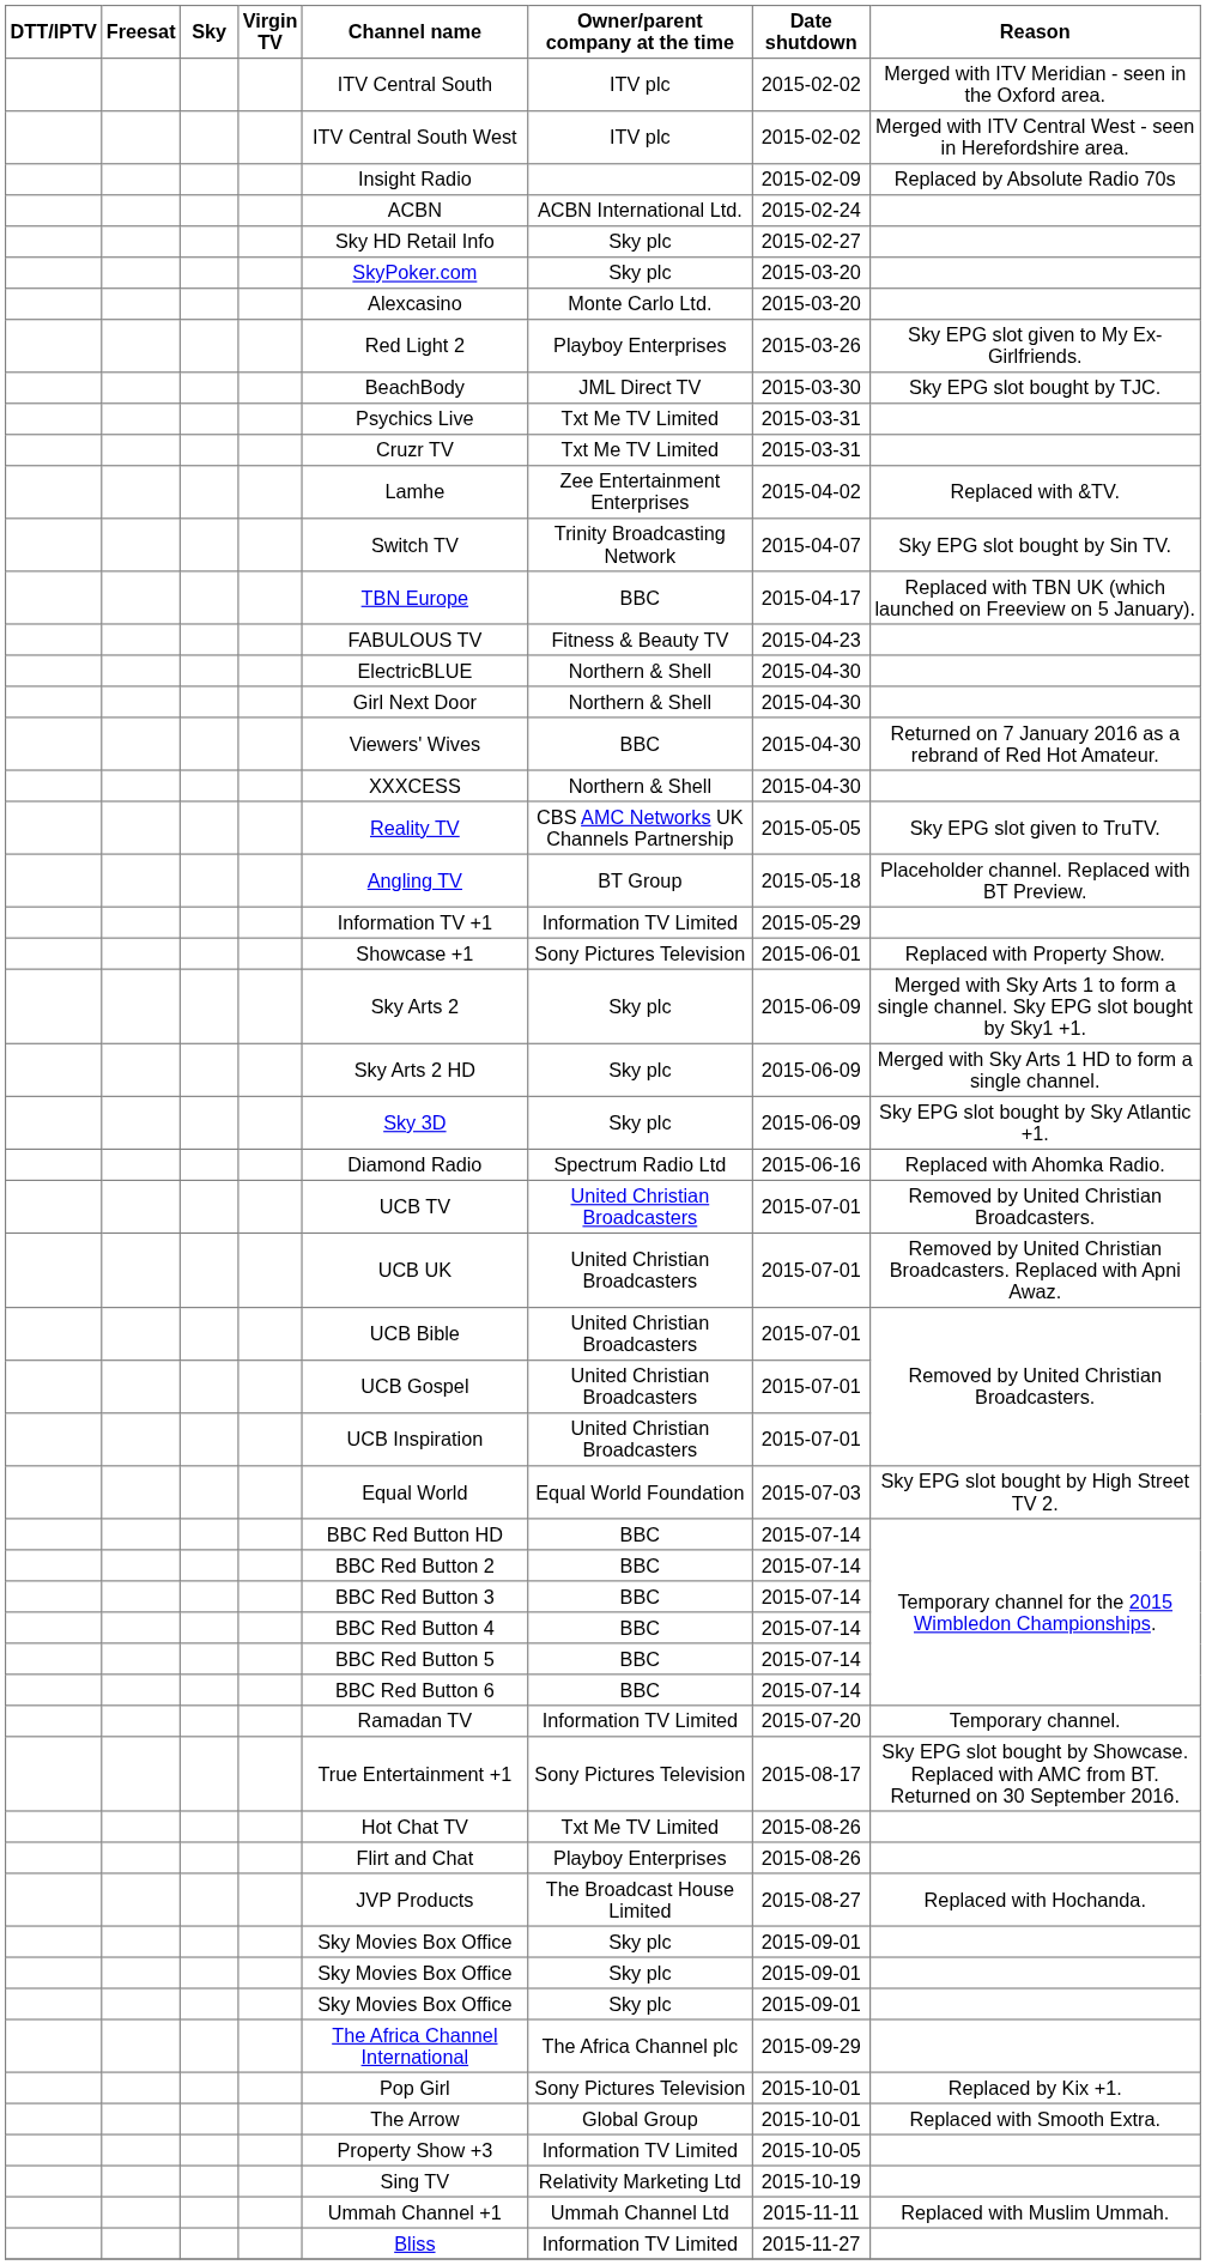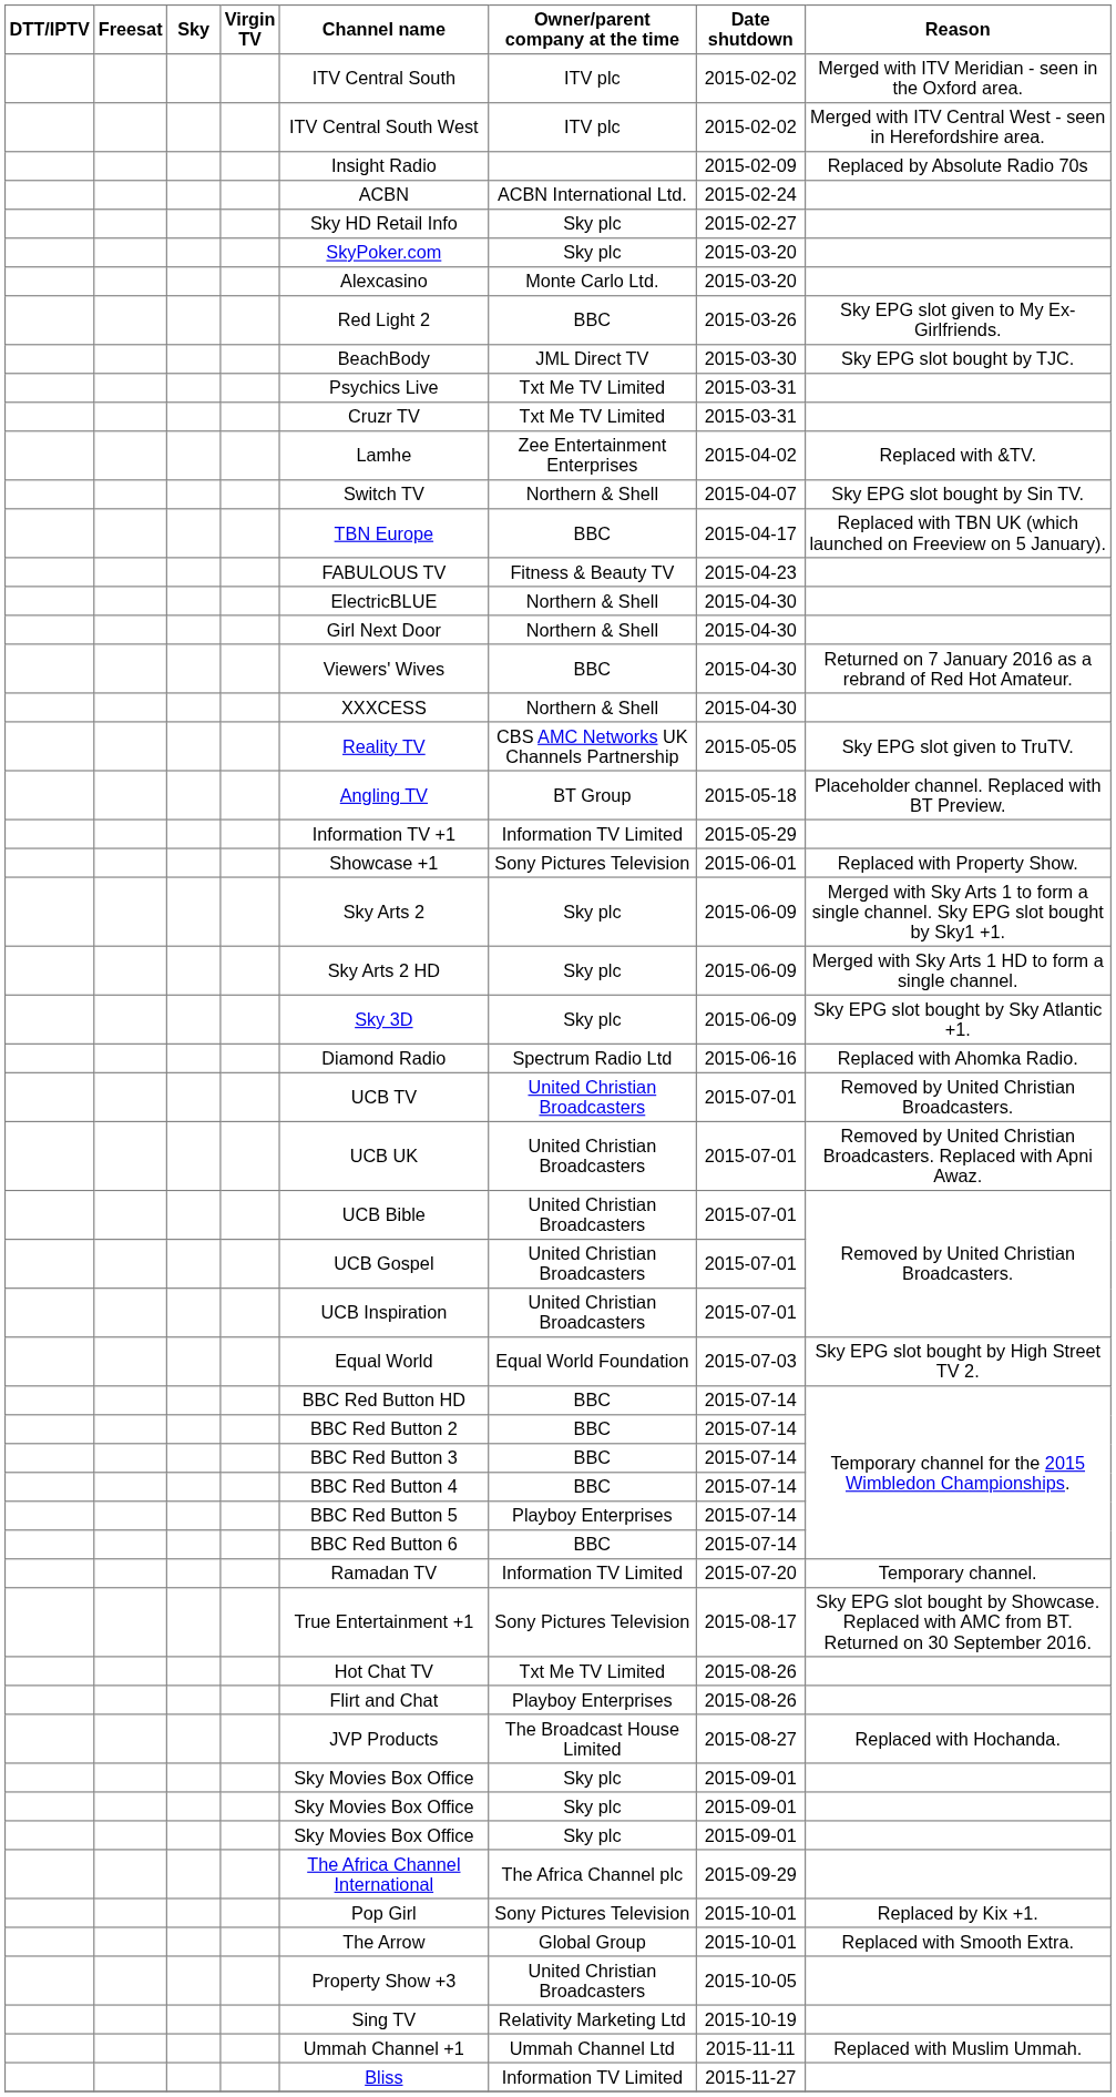 <table class="toccolors sortable" border="1" cellpadding="3" style="border-collapse:collapse; font-size: 90%; text-align:center" width="100%">
 <tr>
 <th width="5%">DTT/IPTV</th>
 <th width="5%">Freesat</th>
 <th width="5%">Sky</th>
 <th width="5%">Virgin TV</th>
 <th width="20%">Channel name</th>
 <th width="20%">Owner/parent company at the time</th>
 <th width="10%">Date shutdown </th>
 <th width="30%">Reason</th>
 </tr>
 <tr>
 <td></td>
 <td></td>
 <td></td>
 <td></td>
 <td>ITV Central South</td>
 <td>ITV plc</td>
 <td>2015-02-02</td>
 <td>Merged with ITV Meridian - seen in the Oxford area.</td>
 </tr>
 <tr>
 <td></td>
 <td></td>
 <td></td>
 <td></td>
 <td>ITV Central South West</td>
 <td>ITV plc</td>
 <td>2015-02-02</td>
 <td>Merged with ITV Central West - seen in Herefordshire area.</td>
 </tr>
 <tr>
 <td></td>
 <td></td>
 <td></td>
 <td></td>
 <td>Insight Radio</td>
 <td></td>
 <td>2015-02-09</td>
 <td>Replaced by Absolute Radio 70s</td>
 </tr>
 <tr>
 <td></td>
 <td></td>
 <td></td>
 <td></td>
 <td>ACBN</td>
 <td>ACBN International Ltd.</td>
 <td>2015-02-24</td>
 <td></td>
 </tr>
 <tr>
 <td></td>
 <td></td>
 <td></td>
 <td></td>
 <td>Sky HD Retail Info</td>
 <td>Sky plc</td>
 <td>2015-02-27</td>
 <td></td>
 </tr>
 <tr>
 <td></td>
 <td></td>
 <td></td>
 <td></td>
 <td><a href='#'>SkyPoker.com</a></td>
 <td>Sky plc</td>
 <td>2015-03-20</td>
 <td></td>
 </tr>
 <tr>
 <td></td>
 <td></td>
 <td></td>
 <td></td>
 <td>Alexcasino</td>
 <td>Monte Carlo Ltd.</td>
 <td>2015-03-20</td>
 <td></td>
 </tr>
 <tr>
 <td></td>
 <td></td>
 <td></td>
 <td></td>
 <td>Red Light 2</td>
-<td>Playboy Enterprises</td>
+<td>BBC</td>
 <td>2015-03-26</td>
 <td>Sky EPG slot given to My Ex-Girlfriends.</td>
 </tr>
 <tr>
 <td></td>
 <td></td>
 <td></td>
 <td></td>
 <td>BeachBody</td>
 <td>JML Direct TV</td>
 <td>2015-03-30</td>
 <td>Sky EPG slot bought by TJC.</td>
 </tr>
 <tr>
 <td></td>
 <td></td>
 <td></td>
 <td></td>
 <td>Psychics Live</td>
 <td>Txt Me TV Limited</td>
 <td>2015-03-31</td>
 <td></td>
 </tr>
 <tr>
 <td></td>
 <td></td>
 <td></td>
 <td></td>
 <td>Cruzr TV</td>
 <td>Txt Me TV Limited</td>
 <td>2015-03-31</td>
 <td></td>
 </tr>
 <tr>
 <td></td>
 <td></td>
 <td></td>
 <td></td>
 <td>Lamhe</td>
 <td>Zee Entertainment Enterprises</td>
 <td>2015-04-02</td>
 <td>Replaced with &TV.</td>
 </tr>
 <tr>
 <td></td>
 <td></td>
 <td></td>
 <td></td>
 <td>Switch TV</td>
-<td>Trinity Broadcasting Network</td>
+<td>Northern & Shell</td>
 <td>2015-04-07</td>
 <td>Sky EPG slot bought by Sin TV.</td>
 </tr>
 <tr>
 <td></td>
 <td></td>
 <td></td>
 <td></td>
 <td><a href='#'>TBN Europe</a></td>
 <td>BBC</td>
 <td>2015-04-17</td>
 <td>Replaced with TBN UK (which launched on Freeview on 5 January).</td>
 </tr>
 <tr>
 <td></td>
 <td></td>
 <td></td>
 <td></td>
 <td>FABULOUS TV</td>
 <td>Fitness & Beauty TV</td>
 <td>2015-04-23</td>
 <td></td>
 </tr>
 <tr>
 <td></td>
 <td></td>
 <td></td>
 <td></td>
 <td>ElectricBLUE</td>
 <td>Northern & Shell</td>
 <td>2015-04-30</td>
 <td></td>
 </tr>
 <tr>
 <td></td>
 <td></td>
 <td></td>
 <td></td>
 <td>Girl Next Door</td>
 <td>Northern & Shell</td>
 <td>2015-04-30</td>
 <td></td>
 </tr>
 <tr>
 <td></td>
 <td></td>
 <td></td>
 <td></td>
 <td>Viewers' Wives</td>
 <td>BBC</td>
 <td>2015-04-30</td>
 <td>Returned on 7 January 2016 as a rebrand of Red Hot Amateur.</td>
 </tr>
 <tr>
 <td></td>
 <td></td>
 <td></td>
 <td></td>
 <td>XXXCESS</td>
 <td>Northern & Shell</td>
 <td>2015-04-30</td>
 <td></td>
 </tr>
 <tr>
 <td></td>
 <td></td>
 <td></td>
 <td></td>
 <td><a href='#'>Reality TV</a></td>
 <td>CBS <a href='#'>AMC Networks</a> UK Channels Partnership</td>
 <td>2015-05-05</td>
 <td>Sky EPG slot given to TruTV.</td>
 </tr>
 <tr>
 <td></td>
 <td></td>
 <td></td>
 <td></td>
 <td><a href='#'>Angling TV</a></td>
 <td>BT Group</td>
 <td>2015-05-18</td>
 <td>Placeholder channel. Replaced with BT Preview.</td>
 </tr>
 <tr>
 <td></td>
 <td></td>
 <td></td>
 <td></td>
 <td>Information TV +1</td>
 <td>Information TV Limited</td>
 <td>2015-05-29</td>
 <td></td>
 </tr>
 <tr>
 <td></td>
 <td></td>
 <td></td>
 <td></td>
 <td>Showcase +1</td>
 <td>Sony Pictures Television</td>
 <td>2015-06-01</td>
 <td>Replaced with Property Show.</td>
 </tr>
 <tr>
 <td></td>
 <td></td>
 <td></td>
 <td></td>
 <td>Sky Arts 2</td>
 <td>Sky plc</td>
 <td>2015-06-09</td>
 <td>Merged with Sky Arts 1 to form a single channel. Sky EPG slot bought by Sky1 +1.</td>
 </tr>
 <tr>
 <td></td>
 <td></td>
 <td></td>
 <td></td>
 <td>Sky Arts 2 HD</td>
 <td>Sky plc</td>
 <td>2015-06-09</td>
 <td>Merged with Sky Arts 1 HD to form a single channel.</td>
 </tr>
 <tr>
 <td></td>
 <td></td>
 <td></td>
 <td></td>
 <td><a href='#'>Sky 3D</a></td>
 <td>Sky plc</td>
 <td>2015-06-09</td>
 <td>Sky EPG slot bought by Sky Atlantic +1.</td>
 </tr>
 <tr>
 <td></td>
 <td></td>
 <td></td>
 <td></td>
 <td>Diamond Radio</td>
 <td>Spectrum Radio Ltd</td>
 <td>2015-06-16</td>
 <td>Replaced with Ahomka Radio.</td>
 </tr>
 <tr>
 <td></td>
 <td></td>
 <td></td>
 <td></td>
 <td>UCB TV</td>
 <td><a href='#'>United Christian Broadcasters</a></td>
 <td>2015-07-01</td>
 <td>Removed by United Christian Broadcasters.</td>
 </tr>
 <tr>
 <td></td>
 <td></td>
 <td></td>
 <td></td>
 <td>UCB UK</td>
 <td>United Christian Broadcasters</td>
 <td>2015-07-01</td>
 <td>Removed by United Christian Broadcasters. Replaced with Apni Awaz.</td>
 </tr>
 <tr>
 <td></td>
 <td></td>
 <td></td>
 <td></td>
 <td>UCB Bible</td>
 <td>United Christian Broadcasters</td>
 <td>2015-07-01</td>
 <td rowspan="3">Removed by United Christian Broadcasters.</td>
 </tr>
 <tr>
 <td></td>
 <td></td>
 <td></td>
 <td></td>
 <td>UCB Gospel</td>
 <td>United Christian Broadcasters</td>
 <td>2015-07-01</td>
 </tr>
 <tr>
 <td></td>
 <td></td>
 <td></td>
 <td></td>
 <td>UCB Inspiration</td>
 <td>United Christian Broadcasters</td>
 <td>2015-07-01</td>
 </tr>
 <tr>
 <td></td>
 <td></td>
 <td></td>
 <td></td>
 <td>Equal World</td>
 <td>Equal World Foundation</td>
 <td>2015-07-03</td>
 <td>Sky EPG slot bought by High Street TV 2.</td>
 </tr>
 <tr>
 <td></td>
 <td></td>
 <td></td>
 <td></td>
 <td>BBC Red Button HD</td>
 <td>BBC</td>
 <td>2015-07-14</td>
 <td rowspan="6">Temporary channel for the <a href='#'>2015 Wimbledon Championships</a>.</td>
 </tr>
 <tr>
 <td></td>
 <td></td>
 <td></td>
 <td></td>
 <td>BBC Red Button 2</td>
 <td>BBC</td>
 <td>2015-07-14</td>
 </tr>
 <tr>
 <td></td>
 <td></td>
 <td></td>
 <td></td>
 <td>BBC Red Button 3</td>
 <td>BBC</td>
 <td>2015-07-14</td>
 </tr>
 <tr>
 <td></td>
 <td></td>
 <td></td>
 <td></td>
 <td>BBC Red Button 4</td>
 <td>BBC</td>
 <td>2015-07-14</td>
 </tr>
 <tr>
 <td></td>
 <td></td>
 <td></td>
 <td></td>
 <td>BBC Red Button 5</td>
-<td>BBC</td>
+<td>Playboy Enterprises</td>
 <td>2015-07-14</td>
 </tr>
 <tr>
 <td></td>
 <td></td>
 <td></td>
 <td></td>
 <td>BBC Red Button 6</td>
 <td>BBC</td>
 <td>2015-07-14</td>
 </tr>
 <tr>
 <td></td>
 <td></td>
 <td></td>
 <td></td>
 <td>Ramadan TV</td>
 <td>Information TV Limited</td>
 <td>2015-07-20</td>
 <td>Temporary channel.</td>
 </tr>
 <tr>
 <td></td>
 <td></td>
 <td></td>
 <td></td>
 <td>True Entertainment +1</td>
 <td>Sony Pictures Television</td>
 <td>2015-08-17</td>
 <td>Sky EPG slot bought by Showcase. Replaced with AMC from BT. Returned on 30 September 2016.</td>
 </tr>
 <tr>
 <td></td>
 <td></td>
 <td></td>
 <td></td>
 <td>Hot Chat TV</td>
 <td>Txt Me TV Limited</td>
 <td>2015-08-26</td>
 <td></td>
 </tr>
 <tr>
 <td></td>
 <td></td>
 <td></td>
 <td></td>
 <td>Flirt and Chat</td>
 <td>Playboy Enterprises</td>
 <td>2015-08-26</td>
 <td></td>
 </tr>
 <tr>
 <td></td>
 <td></td>
 <td></td>
 <td></td>
 <td>JVP Products</td>
 <td>The Broadcast House Limited</td>
 <td>2015-08-27</td>
 <td>Replaced with Hochanda.</td>
 </tr>
 <tr>
 <td></td>
 <td></td>
 <td></td>
 <td></td>
 <td>Sky Movies Box Office</td>
 <td>Sky plc</td>
 <td>2015-09-01</td>
 <td></td>
 </tr>
 <tr>
 <td></td>
 <td></td>
 <td></td>
 <td></td>
 <td>Sky Movies Box Office</td>
 <td>Sky plc</td>
 <td>2015-09-01</td>
 <td></td>
 </tr>
 <tr>
 <td></td>
 <td></td>
 <td></td>
 <td></td>
 <td>Sky Movies Box Office</td>
 <td>Sky plc</td>
 <td>2015-09-01</td>
 <td></td>
 </tr>
 <tr>
 <td></td>
 <td></td>
 <td></td>
 <td></td>
 <td><a href='#'>The Africa Channel International</a></td>
 <td>The Africa Channel plc</td>
 <td>2015-09-29</td>
 <td></td>
 </tr>
 <tr>
 <td></td>
 <td></td>
 <td></td>
 <td></td>
 <td>Pop Girl</td>
 <td>Sony Pictures Television</td>
 <td>2015-10-01</td>
 <td>Replaced by Kix +1.</td>
 </tr>
 <tr>
 <td></td>
 <td></td>
 <td></td>
 <td></td>
 <td>The Arrow</td>
 <td>Global Group</td>
 <td>2015-10-01</td>
 <td>Replaced with Smooth Extra.</td>
 </tr>
 <tr>
 <td></td>
 <td></td>
 <td></td>
 <td></td>
 <td>Property Show +3</td>
-<td>Information TV Limited</td>
+<td>United Christian Broadcasters</td>
 <td>2015-10-05</td>
 <td></td>
 </tr>
 <tr>
 <td></td>
 <td></td>
 <td></td>
 <td></td>
 <td>Sing TV</td>
 <td>Relativity Marketing Ltd</td>
 <td>2015-10-19</td>
 <td></td>
 </tr>
 <tr>
 <td></td>
 <td></td>
 <td></td>
 <td></td>
 <td>Ummah Channel +1</td>
 <td>Ummah Channel Ltd</td>
 <td>2015-11-11</td>
 <td>Replaced with Muslim Ummah.</td>
 </tr>
 <tr>
 <td></td>
 <td></td>
 <td></td>
 <td></td>
 <td><a href='#'>Bliss</a></td>
 <td>Information TV Limited</td>
 <td>2015-11-27</td>
 <td></td>
 </tr>
 <tr>
 </tr>
 </table>
